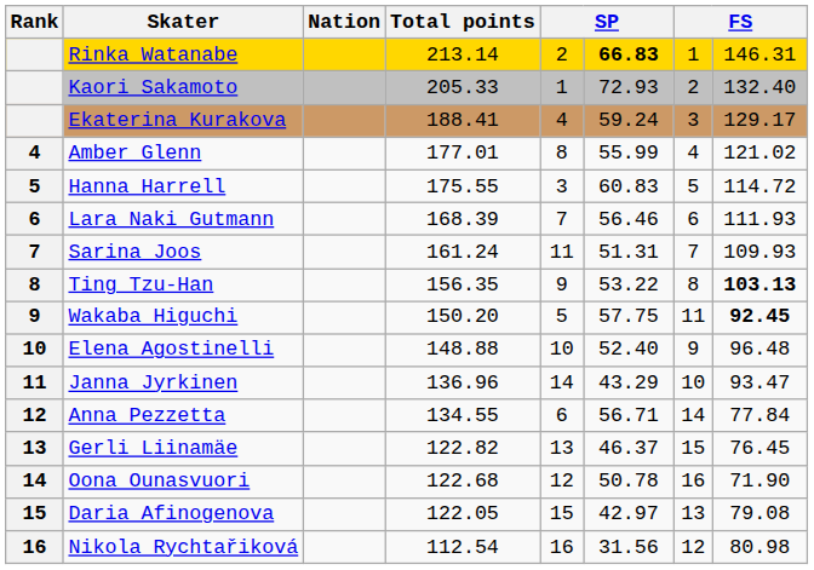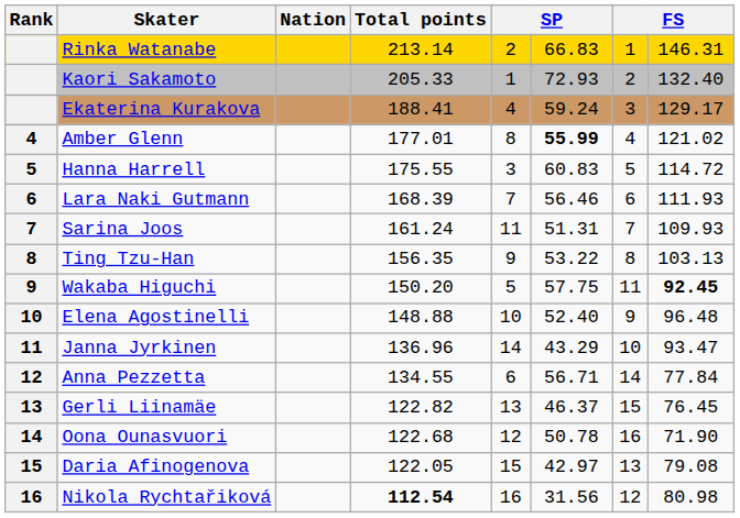 <table class="wikitable sortable" style="text-align:left">
 <tr>
 <th scope="col">Rank</th>
 <th scope="col">Skater</th>
 <th scope="col">Nation</th>
 <th scope="col">Total points</th>
 <th scope="col" colspan="2" width="80px"><a href='#'>SP</a></th>
 <th scope="col" colspan="2" width="80px"><a href='#'>FS</a></th>
 </tr>
 <tr bgcolor="gold">
 <th scope="row"></th>
 <td><a href='#'>Rinka Watanabe</a></td>
 <td></td>
 <td align="center">213.14</td>
 <td align="center">2</td>
-<td align="center"><strong>66.83</strong></td>
+<td align="center">66.83</td>
 <td align="center">1</td>
 <td align="center">146.31</td>
 </tr>
 <tr bgcolor="silver">
 <th scope="row"></th>
 <td><a href='#'>Kaori Sakamoto</a></td>
 <td></td>
 <td align="center">205.33</td>
 <td align="center">1</td>
 <td align="center">72.93</td>
 <td align="center">2</td>
 <td align="center">132.40</td>
 </tr>
 <tr bgcolor="cc9966">
 <th scope="row"></th>
 <td><a href='#'>Ekaterina Kurakova</a></td>
 <td></td>
 <td align="center">188.41</td>
 <td align="center">4</td>
 <td align="center">59.24</td>
 <td align="center">3</td>
 <td align="center">129.17</td>
 </tr>
 <tr>
 <th scope="row">4</th>
 <td><a href='#'>Amber Glenn</a></td>
 <td></td>
 <td align="center">177.01</td>
 <td align="center">8</td>
-<td align="center">55.99</td>
+<td align="center"><strong>55.99</strong></td>
 <td align="center">4</td>
 <td align="center">121.02</td>
 </tr>
 <tr>
 <th scope="row">5</th>
 <td><a href='#'>Hanna Harrell</a></td>
 <td></td>
 <td align="center">175.55</td>
 <td align="center">3</td>
 <td align="center">60.83</td>
 <td align="center">5</td>
 <td align="center">114.72</td>
 </tr>
 <tr>
 <th scope="row">6</th>
 <td><a href='#'>Lara Naki Gutmann</a></td>
 <td></td>
 <td align="center">168.39</td>
 <td align="center">7</td>
 <td align="center">56.46</td>
 <td align="center">6</td>
 <td align="center">111.93</td>
 </tr>
 <tr>
 <th scope="row">7</th>
 <td><a href='#'>Sarina Joos</a></td>
 <td></td>
 <td align="center">161.24</td>
 <td align="center">11</td>
 <td align="center">51.31</td>
 <td align="center">7</td>
 <td align="center">109.93</td>
 </tr>
 <tr>
 <th scope="row">8</th>
 <td><a href='#'>Ting Tzu-Han</a></td>
 <td></td>
 <td align="center">156.35</td>
 <td align="center">9</td>
 <td align="center">53.22</td>
 <td align="center">8</td>
-<td align="center"><strong>103.13</strong></td>
+<td align="center">103.13</td>
 </tr>
 <tr>
 <th scope="row">9</th>
 <td><a href='#'>Wakaba Higuchi</a></td>
 <td></td>
 <td align="center">150.20</td>
 <td align="center">5</td>
 <td align="center">57.75</td>
 <td align="center">11</td>
 <td align="center"><strong>92.45</strong></td>
 </tr>
 <tr>
 <th scope="row">10</th>
 <td><a href='#'>Elena Agostinelli</a></td>
 <td></td>
 <td align="center">148.88</td>
 <td align="center">10</td>
 <td align="center">52.40</td>
 <td align="center">9</td>
 <td align="center">96.48</td>
 </tr>
 <tr>
 <th scope="row">11</th>
 <td><a href='#'>Janna Jyrkinen</a></td>
 <td></td>
 <td align="center">136.96</td>
 <td align="center">14</td>
 <td align="center">43.29</td>
 <td align="center">10</td>
 <td align="center">93.47</td>
 </tr>
 <tr>
 <th scope="row">12</th>
 <td><a href='#'>Anna Pezzetta</a></td>
 <td></td>
 <td align="center">134.55</td>
 <td align="center">6</td>
 <td align="center">56.71</td>
 <td align="center">14</td>
 <td align="center">77.84</td>
 </tr>
 <tr>
 <th scope="row">13</th>
 <td><a href='#'>Gerli Liinamäe</a></td>
 <td></td>
 <td align="center">122.82</td>
 <td align="center">13</td>
 <td align="center">46.37</td>
 <td align="center">15</td>
 <td align="center">76.45</td>
 </tr>
 <tr>
 <th scope="row">14</th>
 <td><a href='#'>Oona Ounasvuori</a></td>
 <td></td>
 <td align="center">122.68</td>
 <td align="center">12</td>
 <td align="center">50.78</td>
 <td align="center">16</td>
 <td align="center">71.90</td>
 </tr>
 <tr>
 <th scope="row">15</th>
 <td><a href='#'>Daria Afinogenova</a></td>
 <td></td>
 <td align="center">122.05</td>
 <td align="center">15</td>
 <td align="center">42.97</td>
 <td align="center">13</td>
 <td align="center">79.08</td>
 </tr>
 <tr>
 <th scope="row">16</th>
 <td><a href='#'>Nikola Rychtařiková</a></td>
 <td></td>
-<td align="center">112.54</td>
+<td align="center"><strong>112.54</strong></td>
 <td align="center">16</td>
 <td align="center">31.56</td>
 <td align="center">12</td>
 <td align="center">80.98</td>
 </tr>
 </table>
